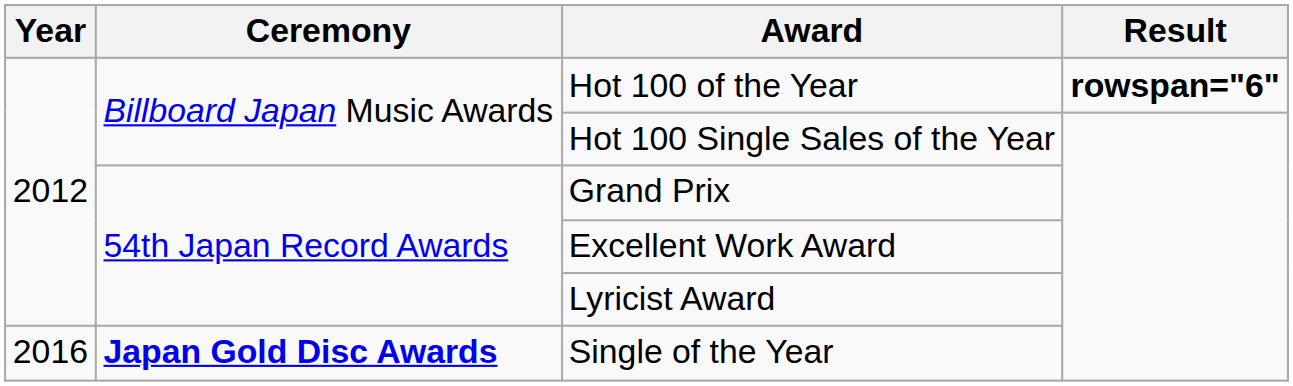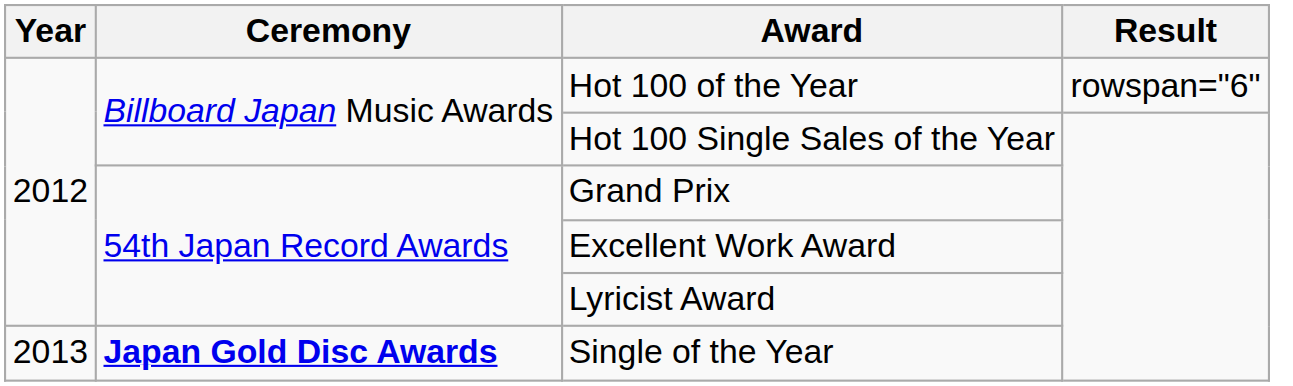 <table class="wikitable">
 <tr>
 <th>Year</th>
 <th>Ceremony</th>
 <th>Award</th>
 <th>Result</th>
 </tr>
 <tr>
 <td rowspan="5">2012</td>
 <td rowspan="2"><em><a href='#'>Billboard Japan</a></em> Music Awards</td>
 <td>Hot 100 of the Year</td>
-<td><strong>rowspan="6" </strong></td>
+<td>rowspan="6" </td>
 </tr>
 <tr>
 <td>Hot 100 Single Sales of the Year</td>
 </tr>
 <tr>
 <td rowspan="3"><a href='#'>54th Japan Record Awards</a></td>
 <td>Grand Prix</td>
 </tr>
 <tr>
 <td>Excellent Work Award</td>
 </tr>
 <tr>
 <td>Lyricist Award</td>
 </tr>
 <tr>
-<td>2016</td>
+<td>2013</td>
 <td><strong><a href='#'>Japan Gold Disc Awards</a></strong></td>
 <td>Single of the Year</td>
 </tr>
 </table>
